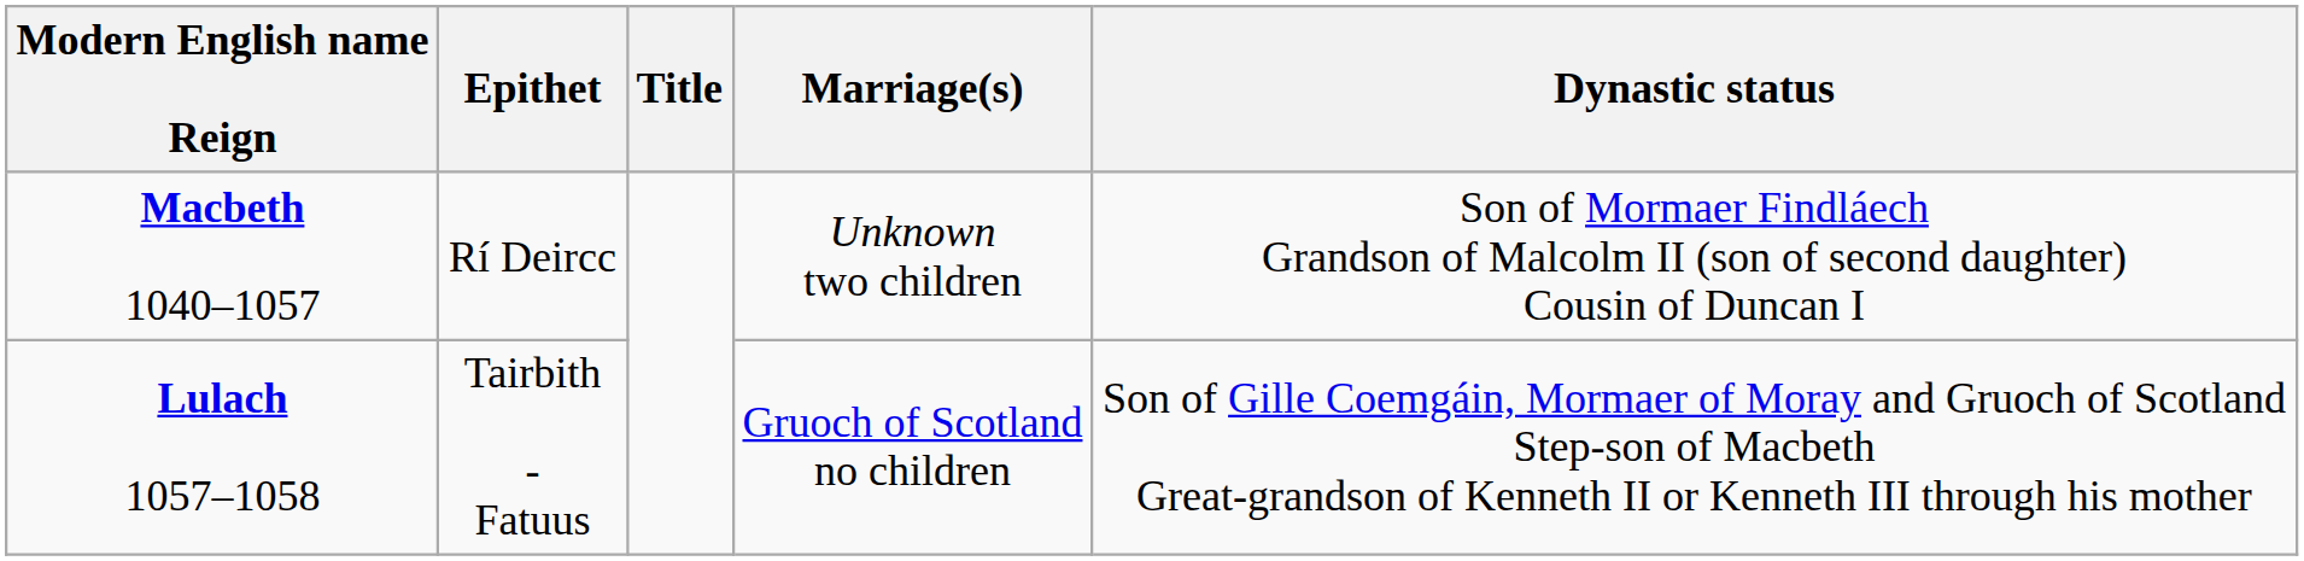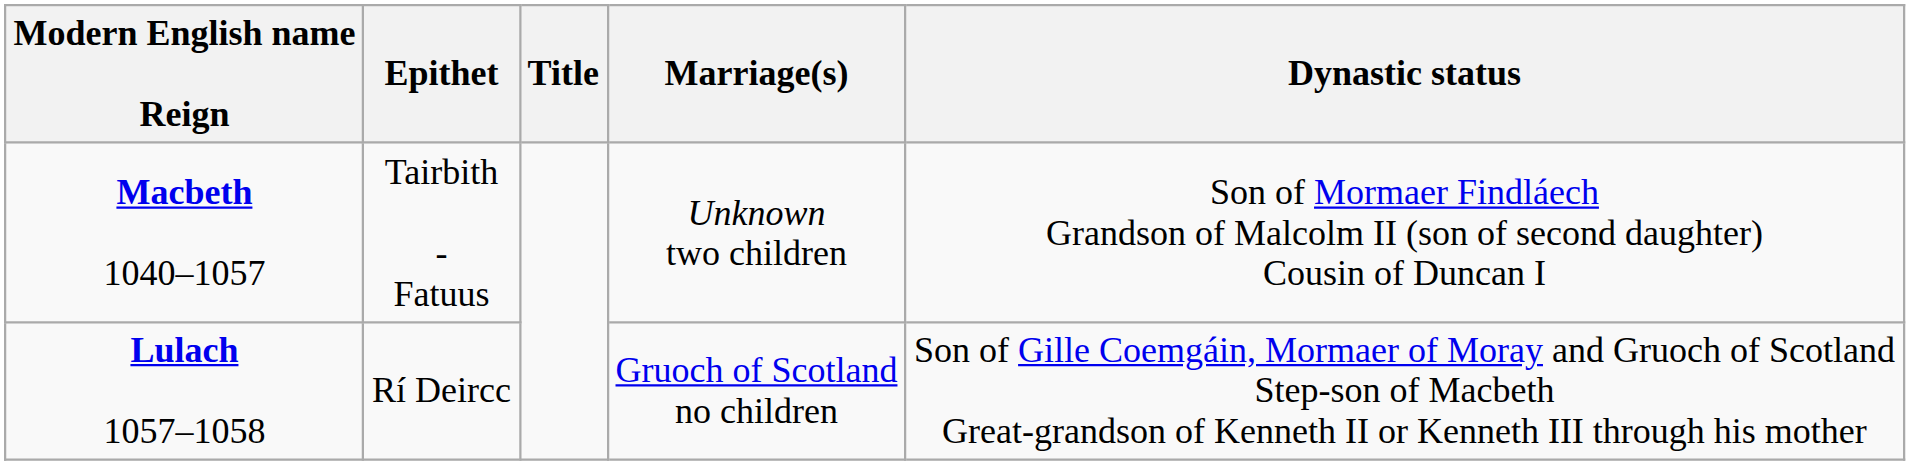 <table class="wikitable">
 <tr>
 <th>Modern English name<br><br>Reign</th>
 <th>Epithet</th>
 <th>Title</th>
 <th>Marriage(s)</th>
 <th>Dynastic status</th>
 </tr>
 <tr>
 <td align=center><strong><a href='#'>Macbeth</a></strong><br><br>1040–1057</td>
-<td align=center>Rí Deircc<br></td>
+<td align=center>Tairbith<br><br>-<br>Fatuus<br></td>
 <td rowspan="2" align="center"></td>
 <td align=center><em>Unknown</em><br>two children</td>
 <td align=center>Son of <a href='#'>Mormaer Findláech</a><br>Grandson of Malcolm II (son of second daughter)<br> Cousin of Duncan I</td>
 </tr>
 <tr>
 <td align=center><strong><a href='#'>Lulach</a></strong><br><br>1057–1058</td>
-<td align=center>Tairbith<br><br>-<br>Fatuus<br></td>
+<td align=center>Rí Deircc<br></td>
 <td align=center><a href='#'>Gruoch of Scotland</a><br>no children</td>
 <td align=center>Son of <a href='#'>Gille Coemgáin, Mormaer of Moray</a> and Gruoch of Scotland<br> Step-son of Macbeth <br> Great-grandson of Kenneth II or Kenneth III through his mother</td>
 </tr>
 </table>
